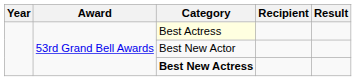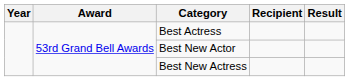 <table class="wikitable">
 <tr>
 <th>Year</th>
 <th>Award</th>
 <th>Category</th>
 <th>Recipient</th>
 <th>Result</th>
 </tr>
 <tr>
 <td rowspan="3"></td>
 <td rowspan="3"><a href='#'>53rd Grand Bell Awards</a></td>
-<td style="background: lightyellow;">Best Actress</td>
+<td>Best Actress</td>
 <td></td>
 <td></td>
 </tr>
 <tr>
 <td>Best New Actor</td>
 <td></td>
 <td></td>
 </tr>
 <tr>
-<td><strong>Best New Actress</strong></td>
+<td>Best New Actress</td>
 <td></td>
 <td></td>
 </tr>
 </table>
